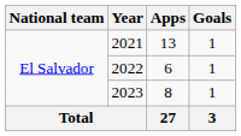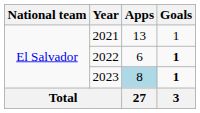 <table class="wikitable" style="text-align:center">
 <tr>
 <th>National team</th>
 <th>Year</th>
 <th>Apps</th>
 <th>Goals</th>
 </tr>
 <tr>
 <td rowspan="3"><a href='#'>El Salvador</a></td>
 <td>2021</td>
 <td>13</td>
 <td>1</td>
 </tr>
 <tr>
 <td>2022</td>
 <td>6</td>
-<td>1</td>
+<td><strong>1</strong></td>
 </tr>
 <tr>
 <td>2023</td>
-<td>8</td>
-<td>1</td>
+<td style="background: lightblue;">8</td>
+<td><strong>1</strong></td>
 </tr>
 <tr>
 <th colspan="2">Total</th>
 <th>27</th>
 <th>3</th>
 </tr>
 </table>
